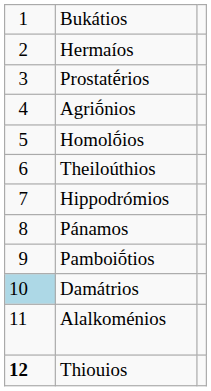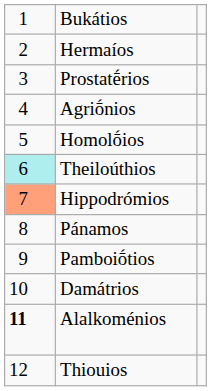 <table class="wikitable">
 <tr>
 <td>  1</td>
 <td>Bukátios</td>
 <td></td>
 </tr>
 <tr>
 <td>  2</td>
 <td>Hermaíos</td>
 <td></td>
 </tr>
 <tr>
 <td>  3</td>
 <td>Prostatḗrios</td>
 <td></td>
 </tr>
 <tr>
 <td>  4</td>
 <td>Agriṓnios</td>
 <td></td>
 </tr>
 <tr>
 <td>  5</td>
 <td>Homolṓios</td>
 <td></td>
 </tr>
 <tr>
-<td>  6</td>
+<td style="background: paleturquoise;">  6</td>
 <td>Theiloúthios</td>
 <td></td>
 </tr>
 <tr>
-<td>  7   </td>
+<td style="background: lightsalmon;">  7   </td>
 <td>Hippodrómios  </td>
 <td></td>
 </tr>
 <tr>
 <td>  8</td>
 <td>Pánamos</td>
 <td></td>
 </tr>
 <tr>
 <td>  9</td>
 <td>Pamboiṓtios</td>
 <td></td>
 </tr>
 <tr>
-<td style="background: lightblue;">10</td>
+<td>10</td>
 <td>Damátrios <br></td>
 <td></td>
 </tr>
 <tr style="vertical-align:top;">
-<td>11</td>
+<td><strong>11</strong></td>
 <td>Alalkoménios<br> <br></td>
 <td><br> </td>
 </tr>
 <tr>
-<td><strong>12</strong></td>
+<td>12</td>
 <td>Thiouios</td>
 <td></td>
 </tr>
 </table>
